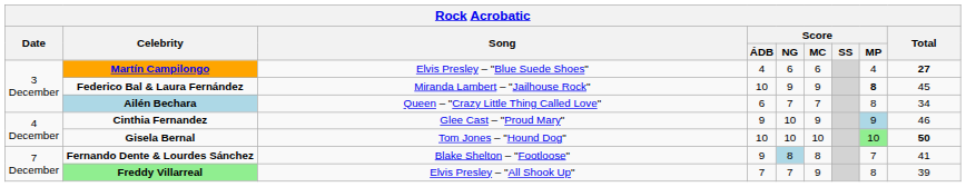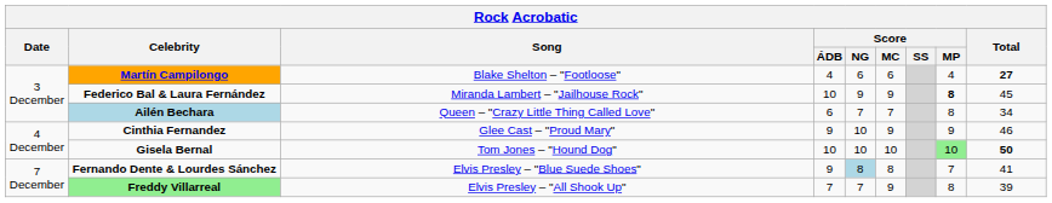 <table class="wikitable collapsible collapsed" style="font-size:90%; text-align: center; width: 100%;">
 <tr>
 <th colspan="11" style="with: 95%;" align=center><big><a href='#'>Rock</a> <a href='#'>Acrobatic</a></big></th>
 </tr>
 <tr>
 <th width=70 rowspan="2">Date</th>
 <th width=250 rowspan="2">Celebrity</th>
 <th rowspan="2">Song</th>
 <th colspan="5">Score</th>
 <th rowspan="2">Total</th>
 </tr>
 <tr>
 <th width=30>ÁDB</th>
 <th width=30>NG</th>
 <th width=30>MC</th>
 <th width=30>SS</th>
 <th width=30>MP</th>
 </tr>
 <tr>
 <td rowspan=3>3 December</td>
 <td style="background:Orange;"><strong><a href='#'>Martín Campilongo</a></strong></td>
-<td><a href='#'>Elvis Presley</a> – "<a href='#'>Blue Suede Shoes</a>"</td>
+<td><a href='#'>Blake Shelton</a> – "<a href='#'>Footloose</a>"</td>
 <td>4</td>
 <td>6</td>
 <td>6</td>
 <td bgcolor="lightgray"></td>
 <td>4</td>
 <td><span><strong>27</strong></span></td>
 </tr>
 <tr>
 <td><strong>Federico Bal & Laura Fernández</strong></td>
 <td><a href='#'>Miranda Lambert</a> – "<a href='#'>Jailhouse Rock</a>"</td>
 <td>10</td>
 <td>9</td>
 <td>9</td>
 <td bgcolor="lightgray"></td>
 <td><strong>8</strong></td>
 <td>45</td>
 </tr>
 <tr>
 <td style="background:lightblue;"><strong>Ailén Bechara</strong></td>
 <td><a href='#'>Queen</a> – "<a href='#'>Crazy Little Thing Called Love</a>"</td>
 <td>6</td>
 <td>7</td>
 <td>7</td>
 <td bgcolor="lightgray"></td>
 <td>8</td>
 <td>34</td>
 </tr>
 <tr>
 <td rowspan=2>4 December</td>
 <td><strong>Cinthia Fernandez</strong></td>
 <td><a href='#'>Glee Cast</a> – "<a href='#'>Proud Mary</a>"</td>
 <td>9</td>
 <td>10</td>
 <td>9</td>
 <td bgcolor="lightgray"></td>
-<td style="background: lightblue;">9</td>
+<td>9</td>
 <td>46</td>
 </tr>
 <tr>
 <td><strong>Gisela Bernal</strong></td>
 <td><a href='#'>Tom Jones</a> – "<a href='#'>Hound Dog</a>"</td>
 <td>10</td>
 <td>10</td>
 <td>10</td>
 <td bgcolor="lightgray"></td>
 <td style="background: lightgreen;">10</td>
 <td><span><strong>50</strong></span></td>
 </tr>
 <tr>
 <td rowspan=2>7 December</td>
 <td><strong>Fernando Dente & Lourdes Sánchez</strong></td>
-<td><a href='#'>Blake Shelton</a> – "<a href='#'>Footloose</a>"</td>
+<td><a href='#'>Elvis Presley</a> – "<a href='#'>Blue Suede Shoes</a>"</td>
 <td>9</td>
 <td style="background: lightblue;">8</td>
 <td>8</td>
 <td bgcolor="lightgray"></td>
 <td>7</td>
 <td>41</td>
 </tr>
 <tr>
 <td style="background:lightgreen;"><strong>Freddy Villarreal</strong></td>
 <td><a href='#'>Elvis Presley</a> – "<a href='#'>All Shook Up</a>"</td>
 <td>7</td>
 <td>7</td>
 <td>9</td>
 <td bgcolor="lightgray"></td>
 <td>8</td>
 <td>39</td>
 </tr>
 </table>
